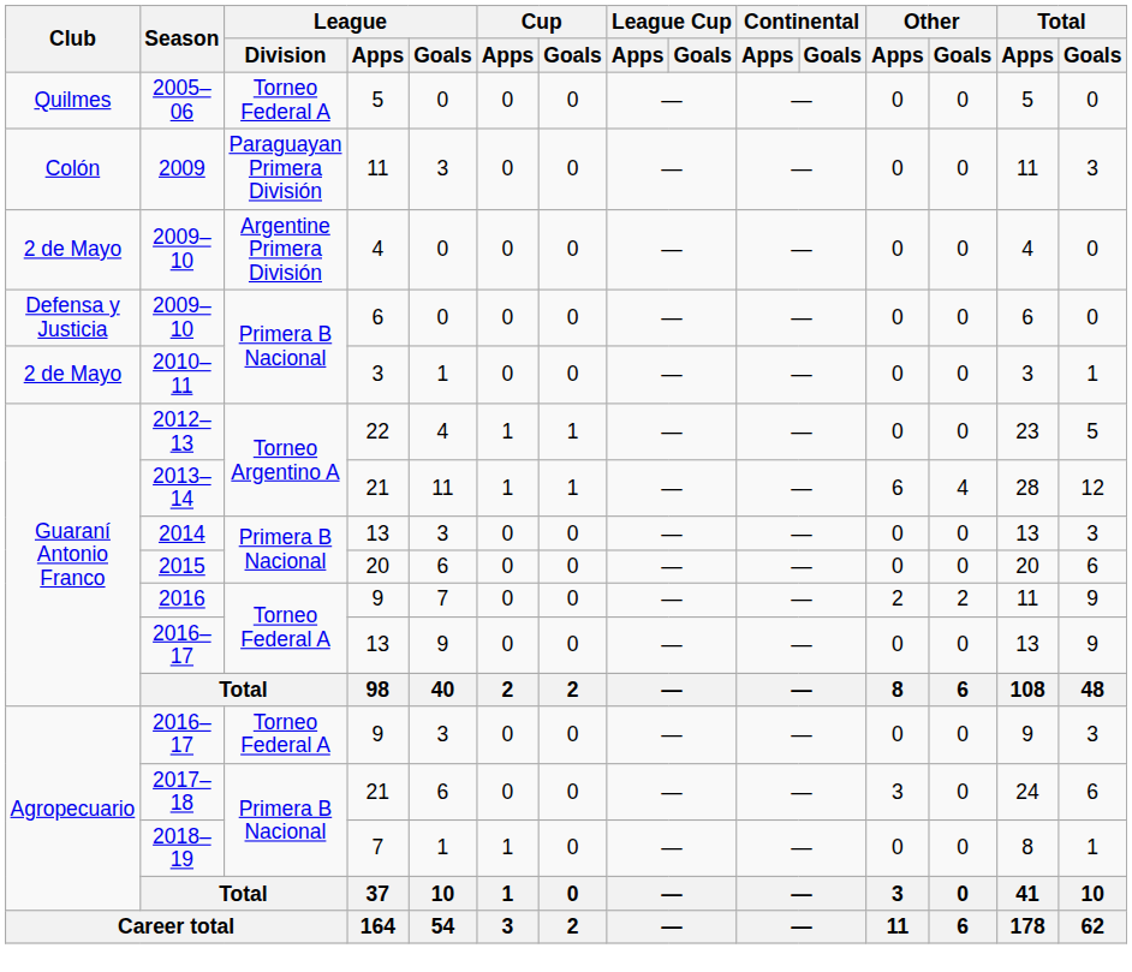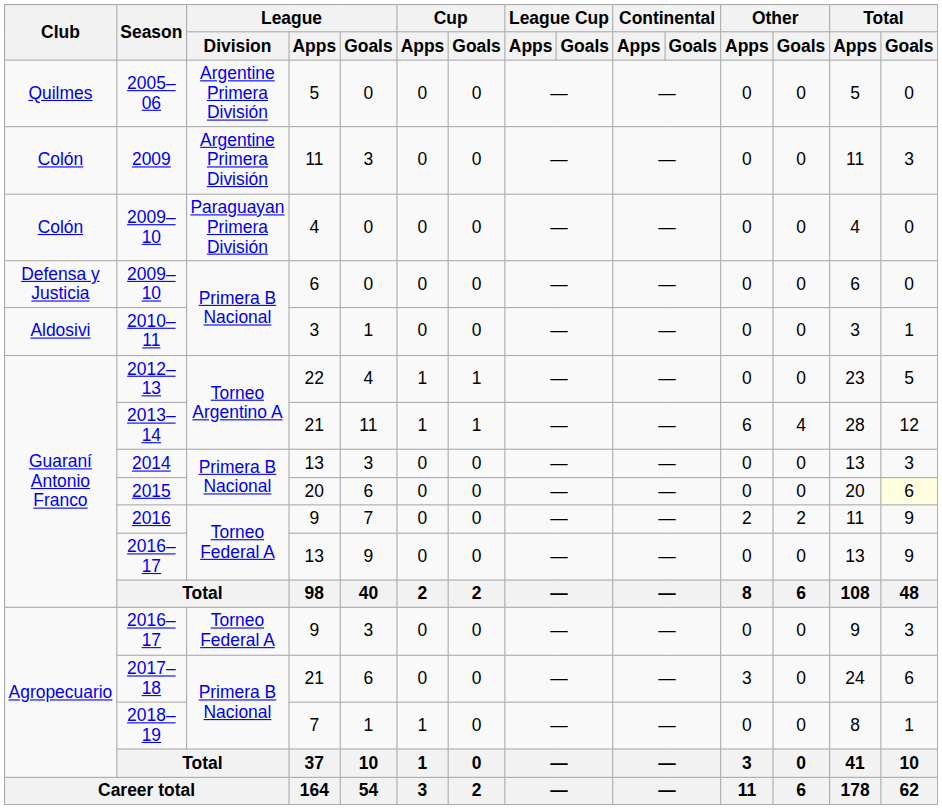 <table class="wikitable" style="text-align:center">
 <tr>
 <th rowspan="2">Club</th>
 <th rowspan="2">Season</th>
 <th colspan="3">League</th>
 <th colspan="2">Cup</th>
 <th colspan="2">League Cup</th>
 <th colspan="2">Continental</th>
 <th colspan="2">Other</th>
 <th colspan="2">Total</th>
 </tr>
 <tr>
 <th>Division</th>
 <th>Apps</th>
 <th>Goals</th>
 <th>Apps</th>
 <th>Goals</th>
 <th>Apps</th>
 <th>Goals</th>
 <th>Apps</th>
 <th>Goals</th>
 <th>Apps</th>
 <th>Goals</th>
 <th>Apps</th>
 <th>Goals</th>
 </tr>
 <tr>
 <td rowspan="1"><a href='#'>Quilmes</a></td>
 <td><a href='#'>2005–06</a></td>
-<td rowspan="1"><a href='#'>Torneo Federal A</a></td>
+<td rowspan="1"><a href='#'>Argentine Primera División</a></td>
 <td>5</td>
 <td>0</td>
 <td>0</td>
 <td>0</td>
 <td colspan="2">—</td>
 <td colspan="2">—</td>
 <td>0</td>
 <td>0</td>
 <td>5</td>
 <td>0</td>
 </tr>
 <tr>
 <td rowspan="1"><a href='#'>Colón</a></td>
 <td><a href='#'>2009</a></td>
-<td rowspan="1"><a href='#'>Paraguayan Primera División</a></td>
+<td rowspan="1"><a href='#'>Argentine Primera División</a></td>
 <td>11</td>
 <td>3</td>
 <td>0</td>
 <td>0</td>
 <td colspan="2">—</td>
 <td colspan="2">—</td>
 <td>0</td>
 <td>0</td>
 <td>11</td>
 <td>3</td>
 </tr>
 <tr>
-<td rowspan="1"><a href='#'>2 de Mayo</a></td>
+<td rowspan="1"><a href='#'>Colón</a></td>
 <td><a href='#'>2009–10</a></td>
-<td rowspan="1"><a href='#'>Argentine Primera División</a></td>
+<td rowspan="1"><a href='#'>Paraguayan Primera División</a></td>
 <td>4</td>
 <td>0</td>
 <td>0</td>
 <td>0</td>
 <td colspan="2">—</td>
 <td colspan="2">—</td>
 <td>0</td>
 <td>0</td>
 <td>4</td>
 <td>0</td>
 </tr>
 <tr>
 <td rowspan="1"><a href='#'>Defensa y Justicia</a></td>
 <td><a href='#'>2009–10</a></td>
 <td rowspan="2"><a href='#'>Primera B Nacional</a></td>
 <td>6</td>
 <td>0</td>
 <td>0</td>
 <td>0</td>
 <td colspan="2">—</td>
 <td colspan="2">—</td>
 <td>0</td>
 <td>0</td>
 <td>6</td>
 <td>0</td>
 </tr>
 <tr>
-<td rowspan="1"><a href='#'>2 de Mayo</a></td>
+<td rowspan="1"><a href='#'>Aldosivi</a></td>
 <td><a href='#'>2010–11</a></td>
 <td>3</td>
 <td>1</td>
 <td>0</td>
 <td>0</td>
 <td colspan="2">—</td>
 <td colspan="2">—</td>
 <td>0</td>
 <td>0</td>
 <td>3</td>
 <td>1</td>
 </tr>
 <tr>
 <td rowspan="7"><a href='#'>Guaraní Antonio Franco</a></td>
 <td><a href='#'>2012–13</a></td>
 <td rowspan="2"><a href='#'>Torneo Argentino A</a></td>
 <td>22</td>
 <td>4</td>
 <td>1</td>
 <td>1</td>
 <td colspan="2">—</td>
 <td colspan="2">—</td>
 <td>0</td>
 <td>0</td>
 <td>23</td>
 <td>5</td>
 </tr>
 <tr>
 <td><a href='#'>2013–14</a></td>
 <td>21</td>
 <td>11</td>
 <td>1</td>
 <td>1</td>
 <td colspan="2">—</td>
 <td colspan="2">—</td>
 <td>6</td>
 <td>4</td>
 <td>28</td>
 <td>12</td>
 </tr>
 <tr>
 <td><a href='#'>2014</a></td>
 <td rowspan="2"><a href='#'>Primera B Nacional</a></td>
 <td>13</td>
 <td>3</td>
 <td>0</td>
 <td>0</td>
 <td colspan="2">—</td>
 <td colspan="2">—</td>
 <td>0</td>
 <td>0</td>
 <td>13</td>
 <td>3</td>
 </tr>
 <tr>
 <td><a href='#'>2015</a></td>
 <td>20</td>
 <td>6</td>
 <td>0</td>
 <td>0</td>
 <td colspan="2">—</td>
 <td colspan="2">—</td>
 <td>0</td>
 <td>0</td>
 <td>20</td>
-<td>6</td>
+<td style="background: lightyellow;">6</td>
 </tr>
 <tr>
 <td><a href='#'>2016</a></td>
 <td rowspan="2"><a href='#'>Torneo Federal A</a></td>
 <td>9</td>
 <td>7</td>
 <td>0</td>
 <td>0</td>
 <td colspan="2">—</td>
 <td colspan="2">—</td>
 <td>2</td>
 <td>2</td>
 <td>11</td>
 <td>9</td>
 </tr>
 <tr>
 <td><a href='#'>2016–17</a></td>
 <td>13</td>
 <td>9</td>
 <td>0</td>
 <td>0</td>
 <td colspan="2">—</td>
 <td colspan="2">—</td>
 <td>0</td>
 <td>0</td>
 <td>13</td>
 <td>9</td>
 </tr>
 <tr>
 <th colspan="2">Total</th>
 <th>98</th>
 <th>40</th>
 <th>2</th>
 <th>2</th>
 <th colspan="2">—</th>
 <th colspan="2">—</th>
 <th>8</th>
 <th>6</th>
 <th>108</th>
 <th>48</th>
 </tr>
 <tr>
 <td rowspan="4"><a href='#'>Agropecuario</a></td>
 <td><a href='#'>2016–17</a></td>
 <td rowspan="1"><a href='#'>Torneo Federal A</a></td>
 <td>9</td>
 <td>3</td>
 <td>0</td>
 <td>0</td>
 <td colspan="2">—</td>
 <td colspan="2">—</td>
 <td>0</td>
 <td>0</td>
 <td>9</td>
 <td>3</td>
 </tr>
 <tr>
 <td><a href='#'>2017–18</a></td>
 <td rowspan="2"><a href='#'>Primera B Nacional</a></td>
 <td>21</td>
 <td>6</td>
 <td>0</td>
 <td>0</td>
 <td colspan="2">—</td>
 <td colspan="2">—</td>
 <td>3</td>
 <td>0</td>
 <td>24</td>
 <td>6</td>
 </tr>
 <tr>
 <td><a href='#'>2018–19</a></td>
 <td>7</td>
 <td>1</td>
 <td>1</td>
 <td>0</td>
 <td colspan="2">—</td>
 <td colspan="2">—</td>
 <td>0</td>
 <td>0</td>
 <td>8</td>
 <td>1</td>
 </tr>
 <tr>
 <th colspan="2">Total</th>
 <th>37</th>
 <th>10</th>
 <th>1</th>
 <th>0</th>
 <th colspan="2">—</th>
 <th colspan="2">—</th>
 <th>3</th>
 <th>0</th>
 <th>41</th>
 <th>10</th>
 </tr>
 <tr>
 <th colspan="3">Career total</th>
 <th>164</th>
 <th>54</th>
 <th>3</th>
 <th>2</th>
 <th colspan="2">—</th>
 <th colspan="2">—</th>
 <th>11</th>
 <th>6</th>
 <th>178</th>
 <th>62</th>
 </tr>
 </table>
